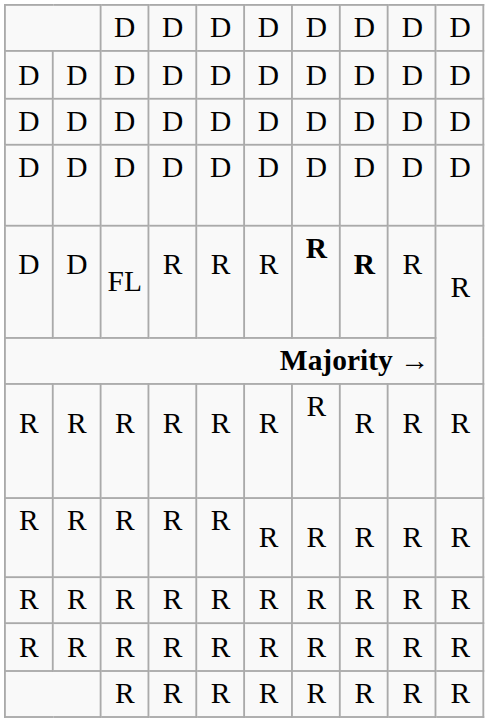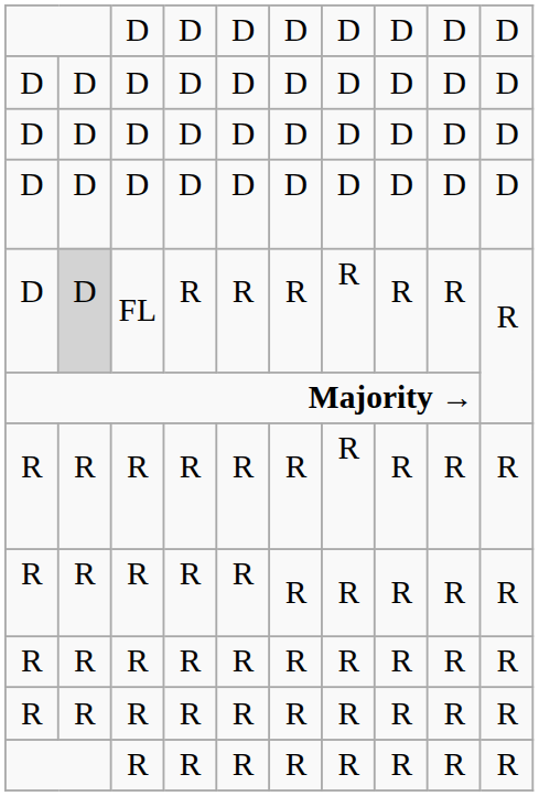 <table class="wikitable" style="text-align:center">
 <tr>
 <td colspan=2> </td>
 <td>D</td>
 <td>D</td>
 <td>D</td>
 <td>D</td>
 <td>D</td>
 <td>D</td>
 <td>D</td>
 <td>D</td>
 </tr>
 <tr>
 <td width=10% >D</td>
 <td width=10% >D</td>
 <td width=10% >D</td>
 <td width=10% >D</td>
 <td width=10% >D</td>
 <td width=10% >D</td>
 <td width=10% >D</td>
 <td width=10% >D</td>
 <td width=10% >D</td>
 <td width=10% >D</td>
 </tr>
 <tr>
 <td>D</td>
 <td>D</td>
 <td>D</td>
 <td>D</td>
 <td>D</td>
 <td>D</td>
 <td>D</td>
 <td>D</td>
 <td>D</td>
 <td>D</td>
 </tr>
 <tr>
 <td>D<br><br></td>
 <td>D<br><br></td>
 <td>D<br><br></td>
 <td>D<br><br></td>
 <td>D<br><br></td>
 <td>D<br><br></td>
 <td>D<br><br></td>
 <td>D<br><br></td>
 <td>D<br><br></td>
 <td>D<br><br></td>
 </tr>
 <tr>
 <td>D<br><br></td>
-<td>D<br><br></td>
+<td style="background: lightgrey;">D<br><br></td>
 <td>FL</td>
 <td>R<br><br></td>
 <td>R<br><br></td>
 <td>R<br><br></td>
-<td><strong>R<br><br><br></strong></td>
-<td><strong>R<br><br></strong></td>
+<td>R<br><br><br></td>
+<td>R<br><br></td>
 <td>R<br><br></td>
 <td rowspan=2 >R<br><br></td>
 </tr>
 <tr>
 <td colspan=9 align=right><strong>Majority →</strong></td>
 </tr>
 <tr>
 <td>R<br><br></td>
 <td>R<br><br></td>
 <td>R<br><br></td>
 <td>R<br><br></td>
 <td>R<br><br></td>
 <td>R<br><br></td>
 <td>R<br><br><br></td>
 <td>R<br><br></td>
 <td>R<br><br></td>
 <td>R<br><br></td>
 </tr>
 <tr>
 <td>R<br><br></td>
 <td>R<br><br></td>
 <td>R<br><br></td>
 <td>R<br><br></td>
 <td>R<br><br></td>
 <td>R</td>
 <td>R</td>
 <td>R</td>
 <td>R</td>
 <td>R</td>
 </tr>
 <tr>
 <td>R</td>
 <td>R</td>
 <td>R</td>
 <td>R</td>
 <td>R</td>
 <td>R</td>
 <td>R</td>
 <td>R</td>
 <td>R</td>
 <td>R</td>
 </tr>
 <tr>
 <td>R</td>
 <td>R</td>
 <td>R</td>
 <td>R</td>
 <td>R</td>
 <td>R</td>
 <td>R</td>
 <td>R</td>
 <td>R</td>
 <td>R</td>
 </tr>
 <tr>
 <td colspan=2></td>
 <td>R</td>
 <td>R</td>
 <td>R</td>
 <td>R</td>
 <td>R</td>
 <td>R</td>
 <td>R</td>
 <td>R</td>
 </tr>
 </table>
